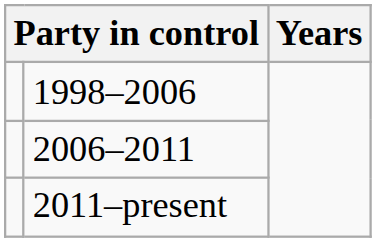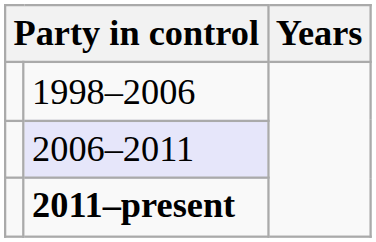 <table class="wikitable">
 <tr>
 <th colspan="2">Party in control</th>
 <th>Years</th>
 </tr>
 <tr>
 <td></td>
 <td>1998–2006</td>
 </tr>
 <tr>
 <td></td>
-<td>2006–2011</td>
+<td style="background: lavender;">2006–2011</td>
 </tr>
 <tr>
 <td></td>
-<td>2011–present</td>
+<td><strong>2011–present</strong></td>
 </tr>
 </table>
